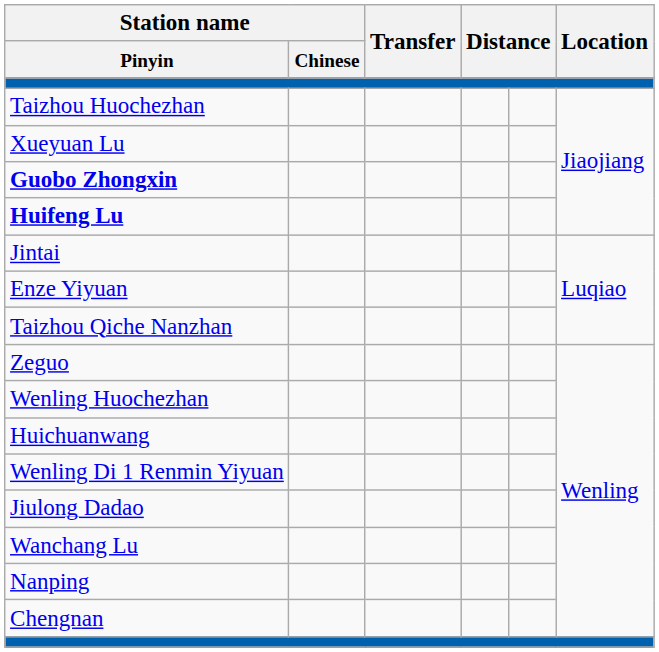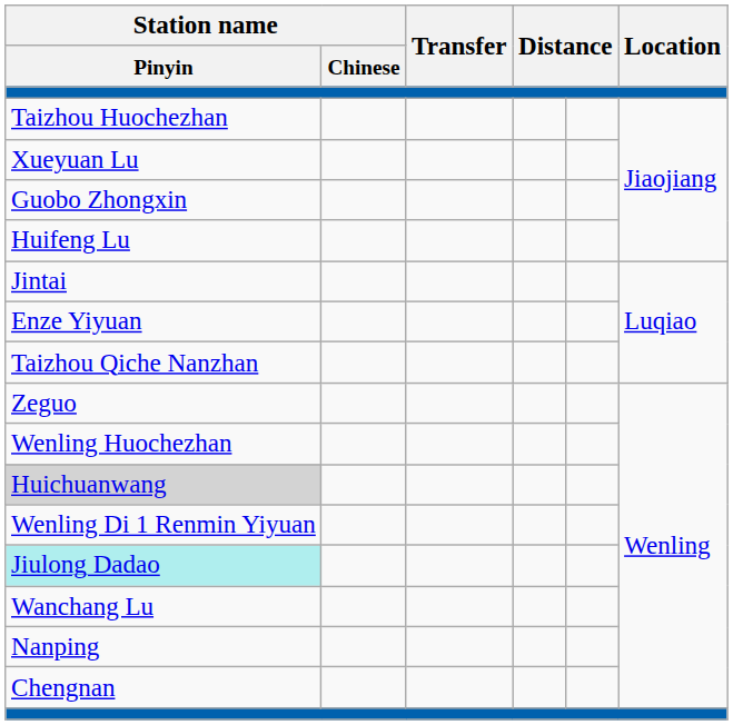 <table class="wikitable">
 <tr>
 <th colspan=2>Station name</th>
 <th rowspan=2>Transfer</th>
 <th colspan="2" rowspan="2">Distance<br></th>
 <th rowspan=2>Location</th>
 </tr>
 <tr>
 <th><small>Pinyin</small></th>
 <th><small>Chinese</small></th>
 </tr>
 <tr style = "background:#0061ae; height: 2pt">
 <td colspan="6"></td>
 </tr>
 <tr>
 <td><a href='#'>Taizhou Huochezhan</a></td>
 <td></td>
 <td></td>
 <td></td>
 <td></td>
 <td rowspan="4"><a href='#'>Jiaojiang</a></td>
 </tr>
 <tr>
 <td><a href='#'>Xueyuan Lu</a></td>
 <td></td>
 <td></td>
 <td></td>
 <td></td>
 </tr>
 <tr>
-<td><strong><a href='#'>Guobo Zhongxin</a></strong></td>
+<td><a href='#'>Guobo Zhongxin</a></td>
 <td></td>
 <td></td>
 <td></td>
 <td></td>
 </tr>
 <tr>
-<td><strong><a href='#'>Huifeng Lu</a></strong></td>
+<td><a href='#'>Huifeng Lu</a></td>
 <td></td>
 <td></td>
 <td></td>
 <td></td>
 </tr>
 <tr>
 <td><a href='#'>Jintai</a></td>
 <td></td>
 <td></td>
 <td></td>
 <td></td>
 <td rowspan="3"><a href='#'>Luqiao</a></td>
 </tr>
 <tr>
 <td><a href='#'>Enze Yiyuan</a></td>
 <td></td>
 <td></td>
 <td></td>
 <td></td>
 </tr>
 <tr>
 <td><a href='#'>Taizhou Qiche Nanzhan</a></td>
 <td></td>
 <td></td>
 <td></td>
 <td></td>
 </tr>
 <tr>
 <td><a href='#'>Zeguo</a></td>
 <td></td>
 <td></td>
 <td></td>
 <td></td>
 <td rowspan="8"><a href='#'>Wenling</a></td>
 </tr>
 <tr>
 <td><a href='#'>Wenling Huochezhan</a></td>
 <td></td>
 <td></td>
 <td></td>
 <td></td>
 </tr>
 <tr>
-<td><a href='#'>Huichuanwang</a></td>
+<td style="background: lightgrey;"><a href='#'>Huichuanwang</a></td>
 <td></td>
 <td></td>
 <td></td>
 <td></td>
 </tr>
 <tr>
 <td><a href='#'>Wenling Di 1 Renmin Yiyuan</a></td>
 <td></td>
 <td></td>
 <td></td>
 <td></td>
 </tr>
 <tr>
-<td><a href='#'>Jiulong Dadao</a></td>
+<td style="background: paleturquoise;"><a href='#'>Jiulong Dadao</a></td>
 <td></td>
 <td></td>
 <td></td>
 <td></td>
 </tr>
 <tr>
 <td><a href='#'>Wanchang Lu</a></td>
 <td></td>
 <td></td>
 <td></td>
 <td></td>
 </tr>
 <tr>
 <td><a href='#'>Nanping</a></td>
 <td></td>
 <td></td>
 <td></td>
 <td></td>
 </tr>
 <tr>
 <td><a href='#'>Chengnan</a></td>
 <td></td>
 <td></td>
 <td></td>
 <td></td>
 </tr>
 <tr style = "background:#0061ae; height: 2pt">
 <td colspan="6"></td>
 </tr>
 </table>
